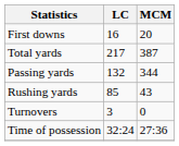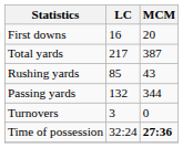 <table class="wikitable">
 <tr>
 <th>Statistics</th>
 <th>LC</th>
 <th>MCM</th>
 </tr>
 <tr>
 <td>First downs</td>
 <td>16</td>
 <td>20</td>
 </tr>
 <tr>
 <td>Total yards</td>
 <td>217</td>
 <td>387</td>
 </tr>
 <tr>
+<td>Rushing yards</td>
+<td>85</td>
+<td>43</td>
+</tr>
+<tr>
 <td>Passing yards</td>
 <td>132</td>
 <td>344</td>
-</tr>
-<tr>
-<td>Rushing yards</td>
-<td>85</td>
-<td>43</td>
 </tr>
 <tr>
 <td>Turnovers</td>
 <td>3</td>
 <td>0</td>
 </tr>
 <tr>
 <td>Time of possession</td>
 <td>32:24</td>
-<td>27:36</td>
+<td><strong>27:36</strong></td>
 </tr>
 <tr>
 </tr>
 </table>
